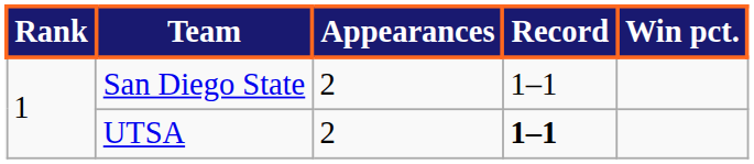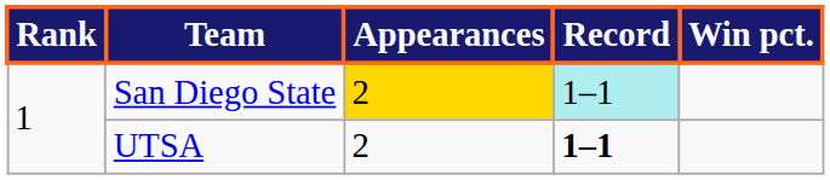 <table class="wikitable sortable">
 <tr>
 <th style="background:#191970; color:#FFFFFF; border: 2px solid #FF681F;">Rank</th>
 <th style="background:#191970; color:#FFFFFF; border: 2px solid #FF681F;">Team</th>
 <th style="background:#191970; color:#FFFFFF; border: 2px solid #FF681F;">Appearances</th>
 <th style="background:#191970; color:#FFFFFF; border: 2px solid #FF681F;">Record</th>
 <th style="background:#191970; color:#FFFFFF; border: 2px solid #FF681F;">Win pct.</th>
 </tr>
 <tr>
 <td rowspan=2>1</td>
 <td><a href='#'>San Diego State</a></td>
-<td>2</td>
-<td>1–1</td>
+<td style="background: gold;">2</td>
+<td style="background: paleturquoise;">1–1</td>
 <td></td>
 </tr>
 <tr>
 <td><a href='#'>UTSA</a></td>
 <td>2</td>
 <td><strong>1–1</strong></td>
 <td></td>
 </tr>
 </table>
